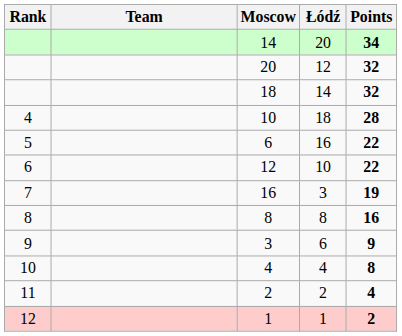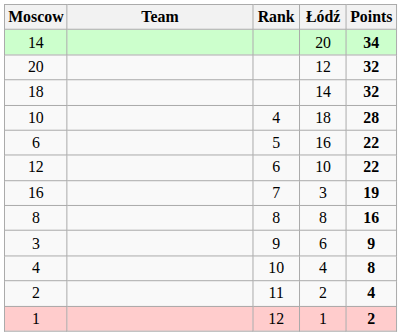 <table class="wikitable" style="text-align: center;">
 <tr>
+<th width=40>Moscow</th>
+<th width=180>Team</th>
 <th width=40>Rank</th>
-<th width=180>Team</th>
-<th width=40>Moscow</th>
 <th width=40>Łódź</th>
 <th width=40>Points</th>
 </tr>
 <tr bgcolor=ccffcc>
+<td>14</td>
+<td align=left></td>
 <td></td>
-<td align=left></td>
-<td>14</td>
 <td>20</td>
 <td><strong>34</strong></td>
 </tr>
 <tr>
+<td>20</td>
+<td align=left></td>
 <td></td>
-<td align=left></td>
-<td>20</td>
 <td>12</td>
 <td><strong>32</strong></td>
 </tr>
 <tr>
+<td>18</td>
+<td align=left></td>
 <td></td>
-<td align=left></td>
-<td>18</td>
 <td>14</td>
 <td><strong>32</strong></td>
 </tr>
 <tr>
+<td>10</td>
+<td align=left></td>
 <td>4</td>
-<td align=left></td>
-<td>10</td>
 <td>18</td>
 <td><strong>28</strong></td>
 </tr>
 <tr>
+<td>6</td>
+<td align=left></td>
 <td>5</td>
-<td align=left></td>
-<td>6</td>
 <td>16</td>
 <td><strong>22</strong></td>
 </tr>
 <tr>
+<td>12</td>
+<td align=left></td>
 <td>6</td>
-<td align=left></td>
-<td>12</td>
 <td>10</td>
 <td><strong>22</strong></td>
 </tr>
 <tr>
+<td>16</td>
+<td align=left></td>
 <td>7</td>
-<td align=left></td>
-<td>16</td>
 <td>3</td>
 <td><strong>19</strong></td>
 </tr>
 <tr>
 <td>8</td>
 <td align=left></td>
 <td>8</td>
 <td>8</td>
 <td><strong>16</strong></td>
 </tr>
 <tr>
+<td>3</td>
+<td align=left></td>
 <td>9</td>
-<td align=left></td>
-<td>3</td>
 <td>6</td>
 <td><strong>9</strong></td>
 </tr>
 <tr>
+<td>4</td>
+<td align=left></td>
 <td>10</td>
-<td align=left></td>
-<td>4</td>
 <td>4</td>
 <td><strong>8</strong></td>
 </tr>
 <tr>
+<td>2</td>
+<td align=left></td>
 <td>11</td>
-<td align=left></td>
-<td>2</td>
 <td>2</td>
 <td><strong>4</strong></td>
 </tr>
 <tr bgcolor=ffcccc>
+<td>1</td>
+<td align=left></td>
 <td>12</td>
-<td align=left></td>
-<td>1</td>
 <td>1</td>
 <td><strong>2</strong></td>
 </tr>
 </table>
